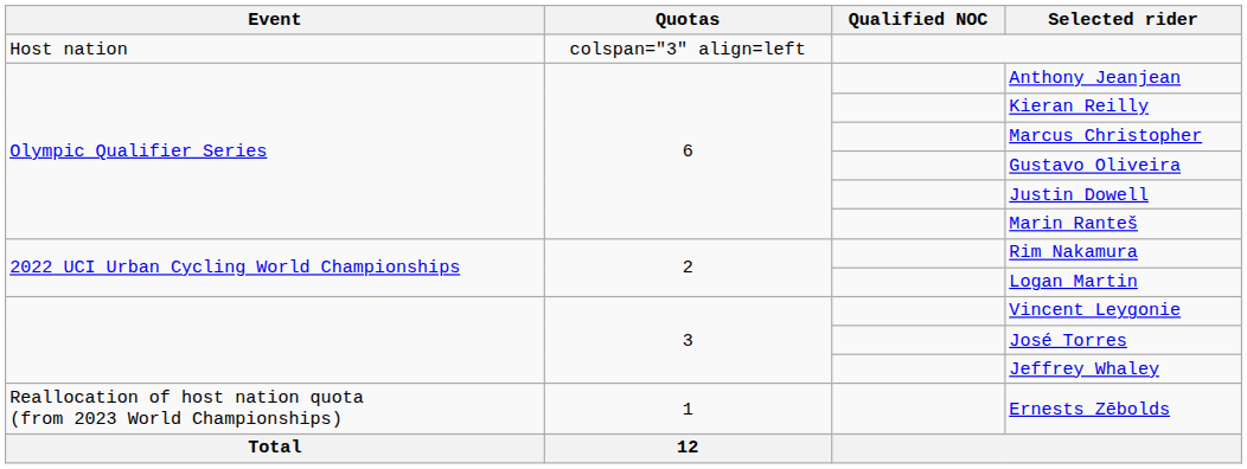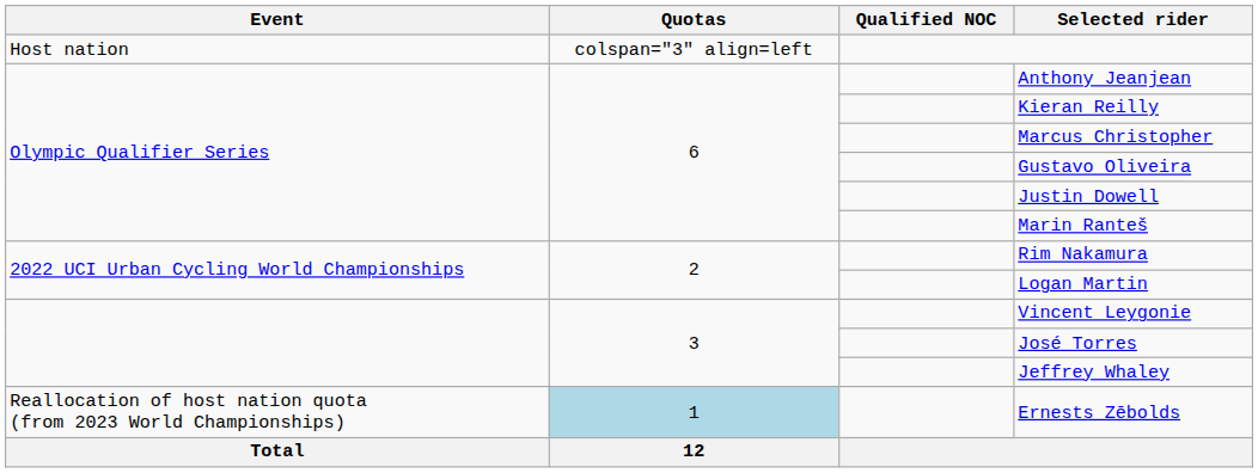 <table class="wikitable"  style="width:900px; text-align:center;">
 <tr>
 <th>Event</th>
 <th>Quotas</th>
 <th>Qualified NOC</th>
 <th>Selected rider</th>
 </tr>
 <tr>
 <td align=left>Host nation</td>
 <td>colspan="3" align=left </td>
 </tr>
 <tr>
 <td rowspan=6 align=left><a href='#'>Olympic Qualifier Series</a></td>
 <td rowspan=6>6</td>
 <td align=left></td>
 <td align=left><a href='#'>Anthony Jeanjean</a></td>
 </tr>
 <tr>
 <td align=left></td>
 <td align=left><a href='#'>Kieran Reilly</a></td>
 </tr>
 <tr>
 <td align=left></td>
 <td align=left><a href='#'>Marcus Christopher</a></td>
 </tr>
 <tr>
 <td align=left></td>
 <td align=left><a href='#'>Gustavo Oliveira</a></td>
 </tr>
 <tr>
 <td align=left></td>
 <td align=left><a href='#'>Justin Dowell</a></td>
 </tr>
 <tr>
 <td align=left></td>
 <td align=left><a href='#'>Marin Ranteš</a></td>
 </tr>
 <tr>
 <td rowspan=2 align=left><a href='#'>2022 UCI Urban Cycling World Championships</a></td>
 <td rowspan=2>2</td>
 <td align=left></td>
 <td align=left><a href='#'>Rim Nakamura</a></td>
 </tr>
 <tr>
 <td align=left></td>
 <td align=left><a href='#'>Logan Martin</a></td>
 </tr>
 <tr>
 <td rowspan=3 align=left></td>
 <td rowspan=3>3</td>
 <td align=left></td>
 <td align=left><a href='#'>Vincent Leygonie</a></td>
 </tr>
 <tr>
 <td align=left></td>
 <td align=left><a href='#'>José Torres</a></td>
 </tr>
 <tr>
 <td align=left></td>
 <td align=left><a href='#'>Jeffrey Whaley</a></td>
 </tr>
 <tr align=left>
 <td>Reallocation of host nation quota<br>(from 2023 World Championships)</td>
-<td align=center>1</td>
+<td align=center style="background: lightblue;">1</td>
 <td></td>
 <td align=left><a href='#'>Ernests Zēbolds</a></td>
 </tr>
 <tr>
 <th>Total</th>
 <th>12</th>
 <th colspan=2></th>
 </tr>
 </table>
